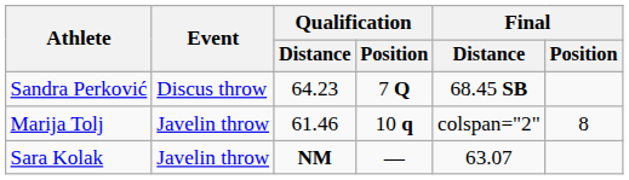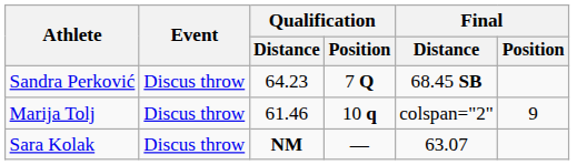 <table class=wikitable style=font-size:90%>
 <tr>
 <th rowspan=2>Athlete</th>
 <th rowspan=2>Event</th>
 <th colspan=2>Qualification</th>
 <th colspan=2>Final</th>
 </tr>
 <tr style=font-size:95%>
 <th>Distance</th>
 <th>Position</th>
 <th>Distance</th>
 <th>Position</th>
 </tr>
 <tr align=center>
 <td align=left><a href='#'>Sandra Perković</a></td>
 <td align=left><a href='#'>Discus throw</a></td>
 <td>64.23</td>
 <td>7 <strong>Q</strong></td>
 <td>68.45 <strong>SB</strong></td>
 <td></td>
 </tr>
 <tr align=center>
 <td align=left><a href='#'>Marija Tolj</a></td>
-<td align=left><a href='#'>Javelin throw</a></td>
+<td align=left><a href='#'>Discus throw</a></td>
 <td>61.46</td>
 <td>10 <strong>q</strong></td>
 <td>colspan="2" </td>
-<td>8</td>
+<td>9</td>
 </tr>
 <tr align=center>
 <td align=left><a href='#'>Sara Kolak</a></td>
-<td align=left><a href='#'>Javelin throw</a></td>
+<td align=left><a href='#'>Discus throw</a></td>
 <td><strong>NM</strong></td>
 <td>—</td>
 <td>63.07</td>
 </tr>
 </table>
